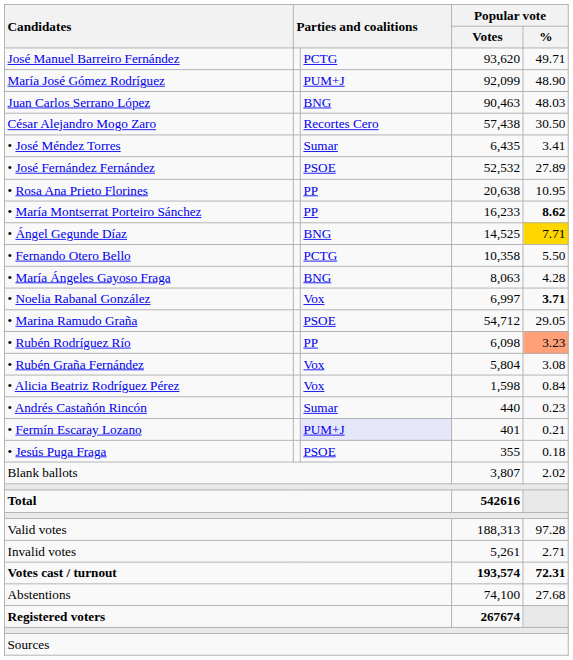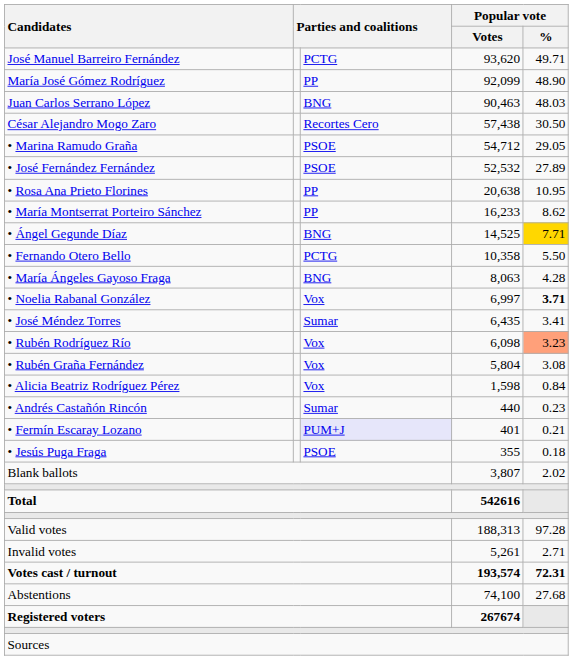 <table class="wikitable" style="text-align:right; font-size:95%;">
 <tr>
 <th style="text-align:left;" rowspan="2" width="325">Candidates</th>
 <th style="text-align:left;" rowspan="2" colspan="2" width="175">Parties and coalitions</th>
 <th colspan="2">Popular vote</th>
 </tr>
 <tr>
 <th width="75">Votes</th>
 <th width="45">%</th>
 </tr>
 <tr>
 <td align="left"> <a href='#'>José Manuel Barreiro Fernández</a></td>
 <td width="1" style="color:inherit;background:"></td>
 <td align="left"><a href='#'>PCTG</a></td>
 <td>93,620</td>
 <td>49.71</td>
 </tr>
 <tr>
 <td align="left"> <a href='#'>María José Gómez Rodríguez</a></td>
 <td width="1" style="color:inherit;background:"></td>
-<td align="left"><a href='#'>PUM+J</a></td>
+<td align="left"><a href='#'>PP</a></td>
 <td>92,099</td>
 <td>48.90</td>
 </tr>
 <tr>
 <td align="left"> <a href='#'>Juan Carlos Serrano López</a></td>
 <td width="1" style="color:inherit;background:"></td>
 <td align="left"><a href='#'>BNG</a></td>
 <td>90,463</td>
 <td>48.03</td>
 </tr>
 <tr>
 <td align="left"> <a href='#'>César Alejandro Mogo Zaro</a></td>
 <td width="1" style="color:inherit;background:"></td>
 <td align="left"><a href='#'>Recortes Cero</a></td>
 <td>57,438</td>
 <td>30.50</td>
 </tr>
 <tr>
-<td align="left">• <a href='#'>José Méndez Torres</a></td>
+<td align="left">• <a href='#'>Marina Ramudo Graña</a></td>
 <td width="1" style="color:inherit;background:"></td>
-<td align="left"><a href='#'>Sumar</a></td>
-<td>6,435</td>
-<td>3.41</td>
+<td align="left"><a href='#'>PSOE</a></td>
+<td>54,712</td>
+<td>29.05</td>
 </tr>
 <tr>
 <td align="left">• <a href='#'>José Fernández Fernández</a></td>
 <td width="1" style="color:inherit;background:"></td>
 <td align="left"><a href='#'>PSOE</a></td>
 <td>52,532</td>
 <td>27.89</td>
 </tr>
 <tr>
 <td align="left">• <a href='#'>Rosa Ana Prieto Florines</a></td>
 <td width="1" style="color:inherit;background:"></td>
 <td align="left"><a href='#'>PP</a></td>
 <td>20,638</td>
 <td>10.95</td>
 </tr>
 <tr>
 <td align="left">• <a href='#'>María Montserrat Porteiro Sánchez</a></td>
 <td width="1" style="color:inherit;background:"></td>
 <td align="left"><a href='#'>PP</a></td>
 <td>16,233</td>
-<td><strong>8.62</strong></td>
+<td>8.62</td>
 </tr>
 <tr>
 <td align="left">• <a href='#'>Ángel Gegunde Díaz</a></td>
 <td width="1" style="color:inherit;background:"></td>
 <td align="left"><a href='#'>BNG</a></td>
 <td>14,525</td>
 <td style="background: gold;">7.71</td>
 </tr>
 <tr>
 <td align="left">• <a href='#'>Fernando Otero Bello</a></td>
 <td width="1" style="color:inherit;background:"></td>
 <td align="left"><a href='#'>PCTG</a></td>
 <td>10,358</td>
 <td>5.50</td>
 </tr>
 <tr>
 <td align="left">• <a href='#'>María Ángeles Gayoso Fraga</a></td>
 <td width="1" style="color:inherit;background:"></td>
 <td align="left"><a href='#'>BNG</a></td>
 <td>8,063</td>
 <td>4.28</td>
 </tr>
 <tr>
 <td align="left">• <a href='#'>Noelia Rabanal González</a></td>
 <td width="1" style="color:inherit;background:"></td>
 <td align="left"><a href='#'>Vox</a></td>
 <td>6,997</td>
 <td><strong>3.71</strong></td>
 </tr>
 <tr>
-<td align="left">• <a href='#'>Marina Ramudo Graña</a></td>
+<td align="left">• <a href='#'>José Méndez Torres</a></td>
 <td width="1" style="color:inherit;background:"></td>
-<td align="left"><a href='#'>PSOE</a></td>
-<td>54,712</td>
-<td>29.05</td>
+<td align="left"><a href='#'>Sumar</a></td>
+<td>6,435</td>
+<td>3.41</td>
 </tr>
 <tr>
 <td align="left">• <a href='#'>Rubén Rodríguez Río</a></td>
 <td width="1" style="color:inherit;background:"></td>
-<td align="left"><a href='#'>PP</a></td>
+<td align="left"><a href='#'>Vox</a></td>
 <td>6,098</td>
 <td style="background: lightsalmon;">3.23</td>
 </tr>
 <tr>
 <td align="left">• <a href='#'>Rubén Graña Fernández</a></td>
 <td width="1" style="color:inherit;background:"></td>
 <td align="left"><a href='#'>Vox</a></td>
 <td>5,804</td>
 <td>3.08</td>
 </tr>
 <tr>
 <td align="left">• <a href='#'>Alicia Beatriz Rodríguez Pérez</a></td>
 <td width="1" style="color:inherit;background:"></td>
 <td align="left"><a href='#'>Vox</a></td>
 <td>1,598</td>
 <td>0.84</td>
 </tr>
 <tr>
 <td align="left">• <a href='#'>Andrés Castañón Rincón</a></td>
 <td width="1" style="color:inherit;background:"></td>
 <td align="left"><a href='#'>Sumar</a></td>
 <td>440</td>
 <td>0.23</td>
 </tr>
 <tr>
 <td align="left">• <a href='#'>Fermín Escaray Lozano</a></td>
 <td width="1" style="color:inherit;background:"></td>
 <td align="left" style="background: lavender;"><a href='#'>PUM+J</a></td>
 <td>401</td>
 <td>0.21</td>
 </tr>
 <tr>
 <td align="left">• <a href='#'>Jesús Puga Fraga</a></td>
 <td width="1" style="color:inherit;background:"></td>
 <td align="left"><a href='#'>PSOE</a></td>
 <td>355</td>
 <td>0.18</td>
 </tr>
 <tr>
 <td align="left" colspan="3">Blank ballots</td>
 <td>3,807</td>
 <td>2.02</td>
 </tr>
 <tr>
 <td colspan="5" bgcolor="#E9E9E9"></td>
 </tr>
 <tr style="font-weight:bold;">
 <td align="left" colspan="3">Total</td>
 <td>542616</td>
 <td bgcolor="#E9E9E9"></td>
 </tr>
 <tr>
 <td colspan="5" bgcolor="#E9E9E9"></td>
 </tr>
 <tr>
 <td align="left" colspan="3">Valid votes</td>
 <td>188,313</td>
 <td>97.28</td>
 </tr>
 <tr>
 <td align="left" colspan="3">Invalid votes</td>
 <td>5,261</td>
 <td>2.71</td>
 </tr>
 <tr style="font-weight:bold;">
 <td align="left" colspan="3">Votes cast / turnout</td>
 <td>193,574</td>
 <td>72.31</td>
 </tr>
 <tr>
 <td align="left" colspan="3">Abstentions</td>
 <td>74,100</td>
 <td>27.68</td>
 </tr>
 <tr style="font-weight:bold;">
 <td align="left" colspan="3">Registered voters</td>
 <td>267674</td>
 <td bgcolor="#E9E9E9"></td>
 </tr>
 <tr>
 <td colspan="5" bgcolor="#E9E9E9"></td>
 </tr>
 <tr>
 <td align="left" colspan="5">Sources</td>
 </tr>
 </table>
